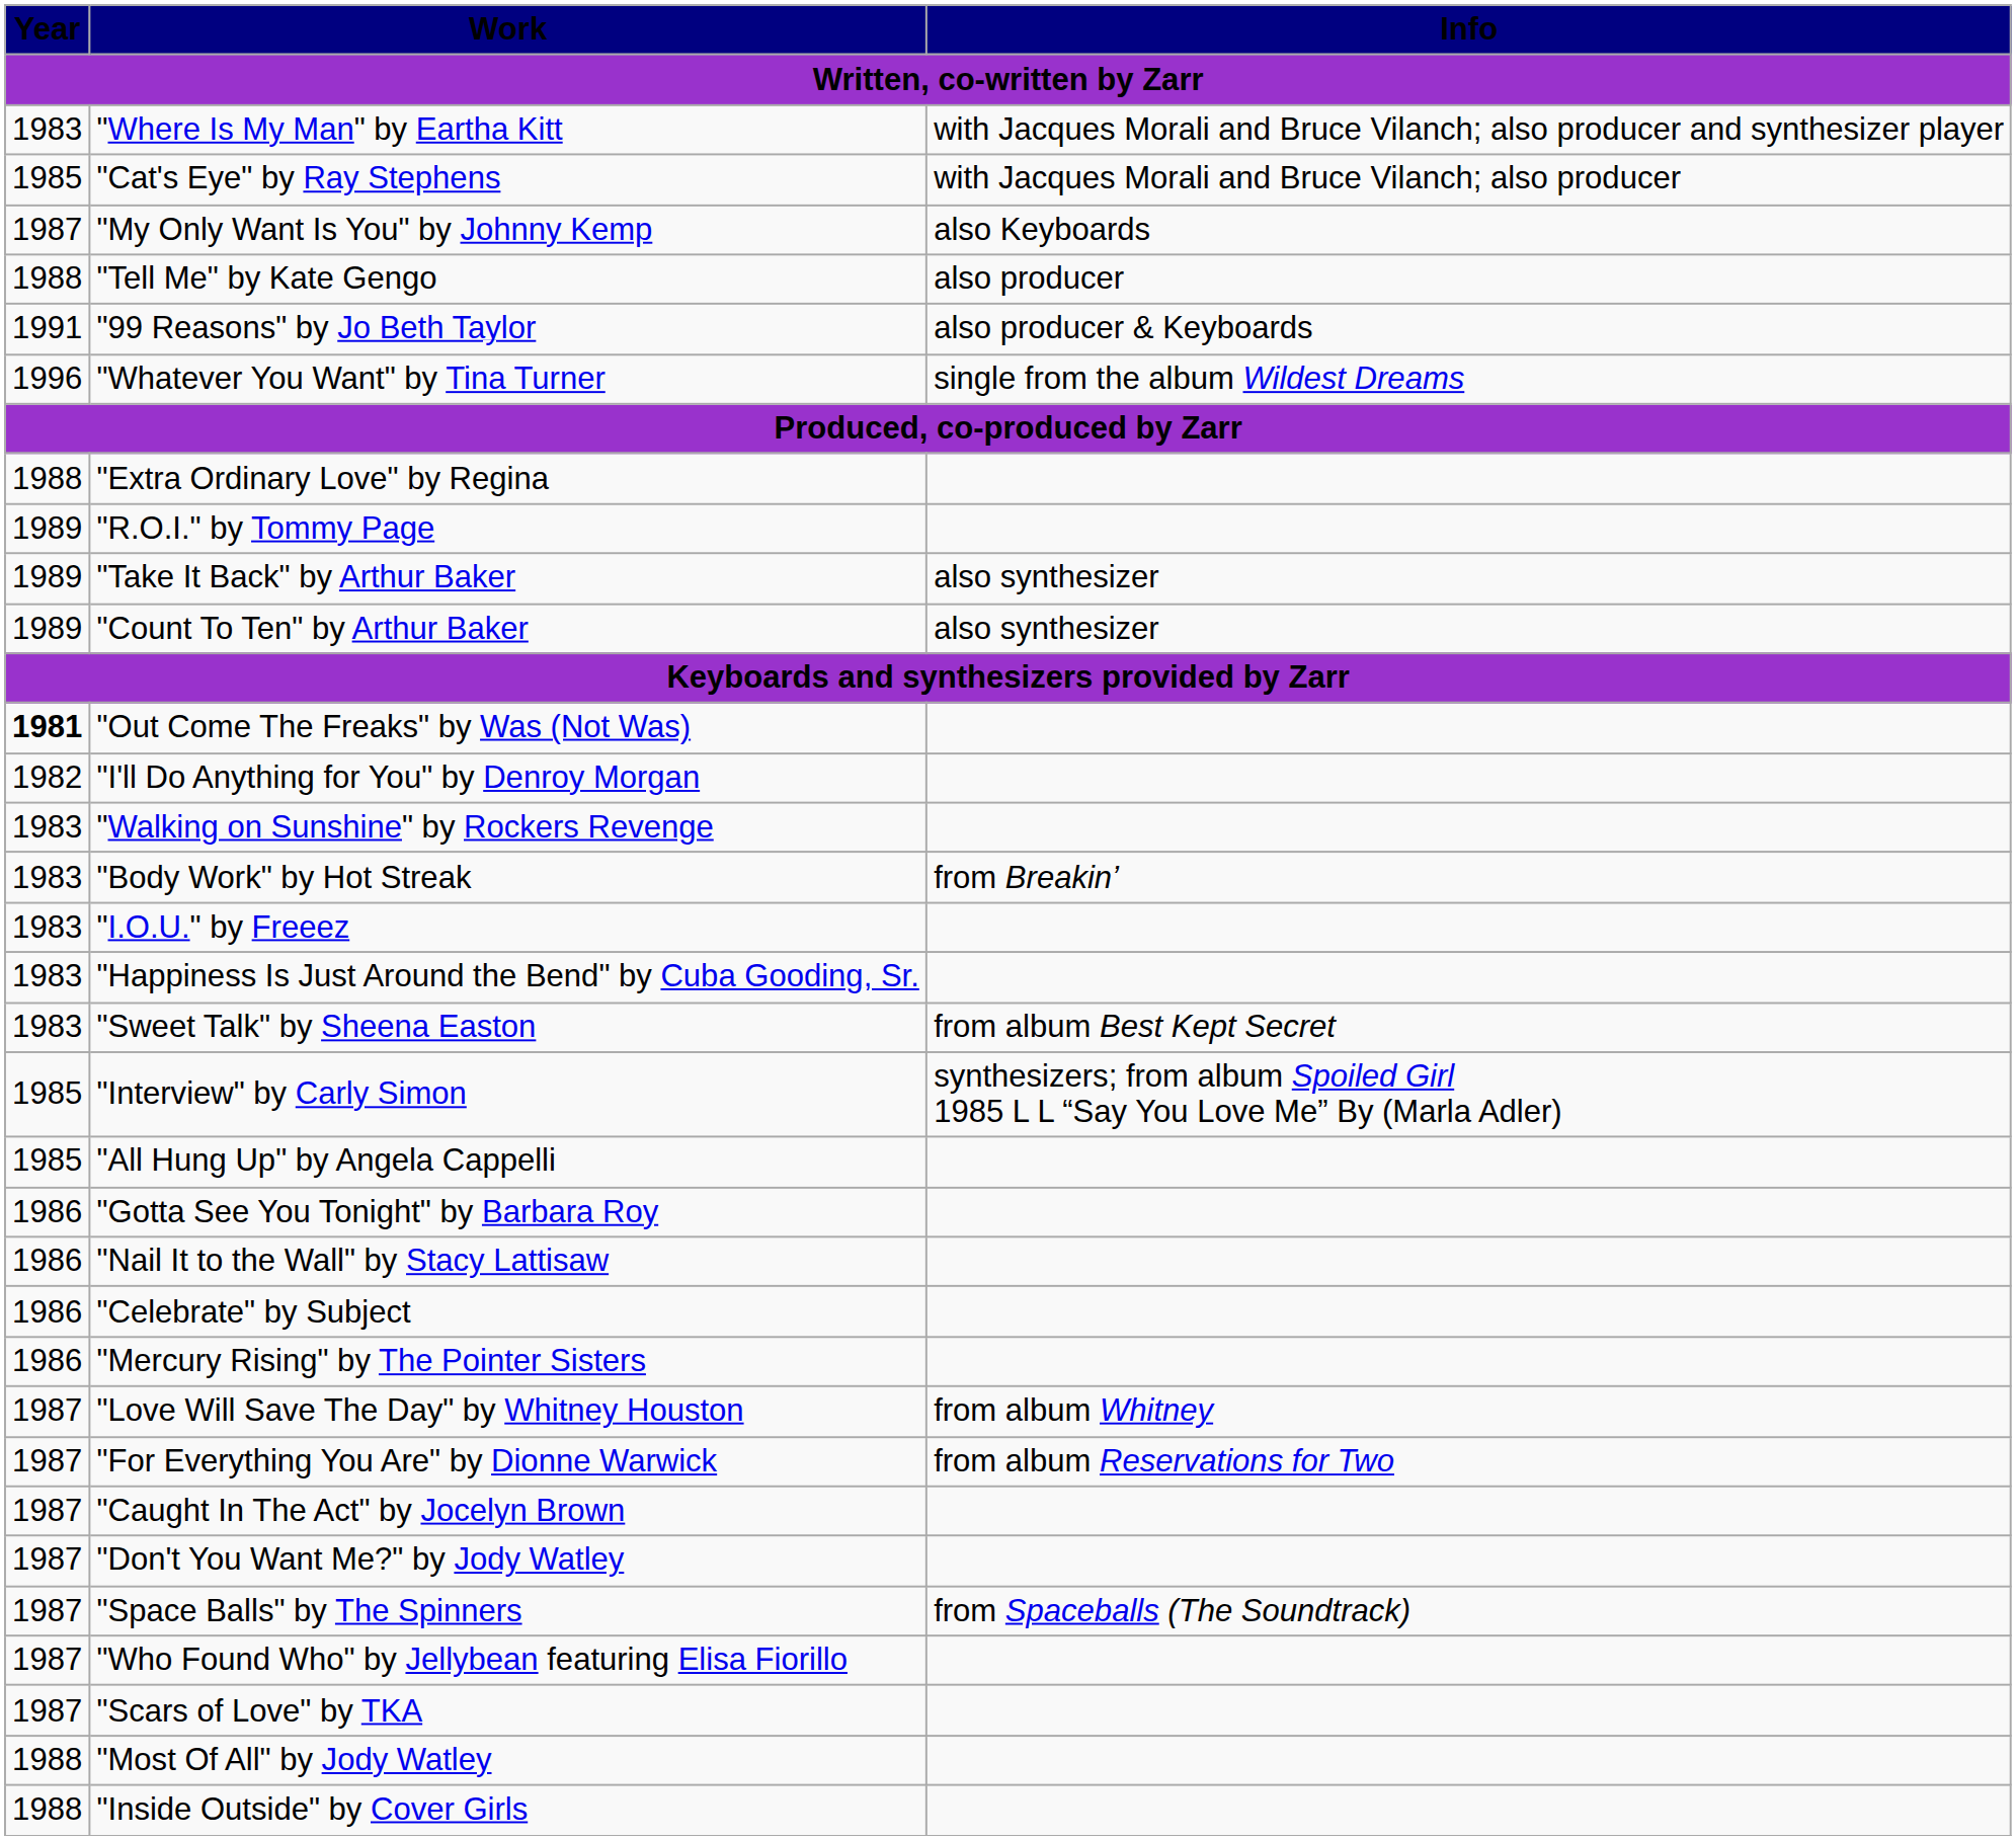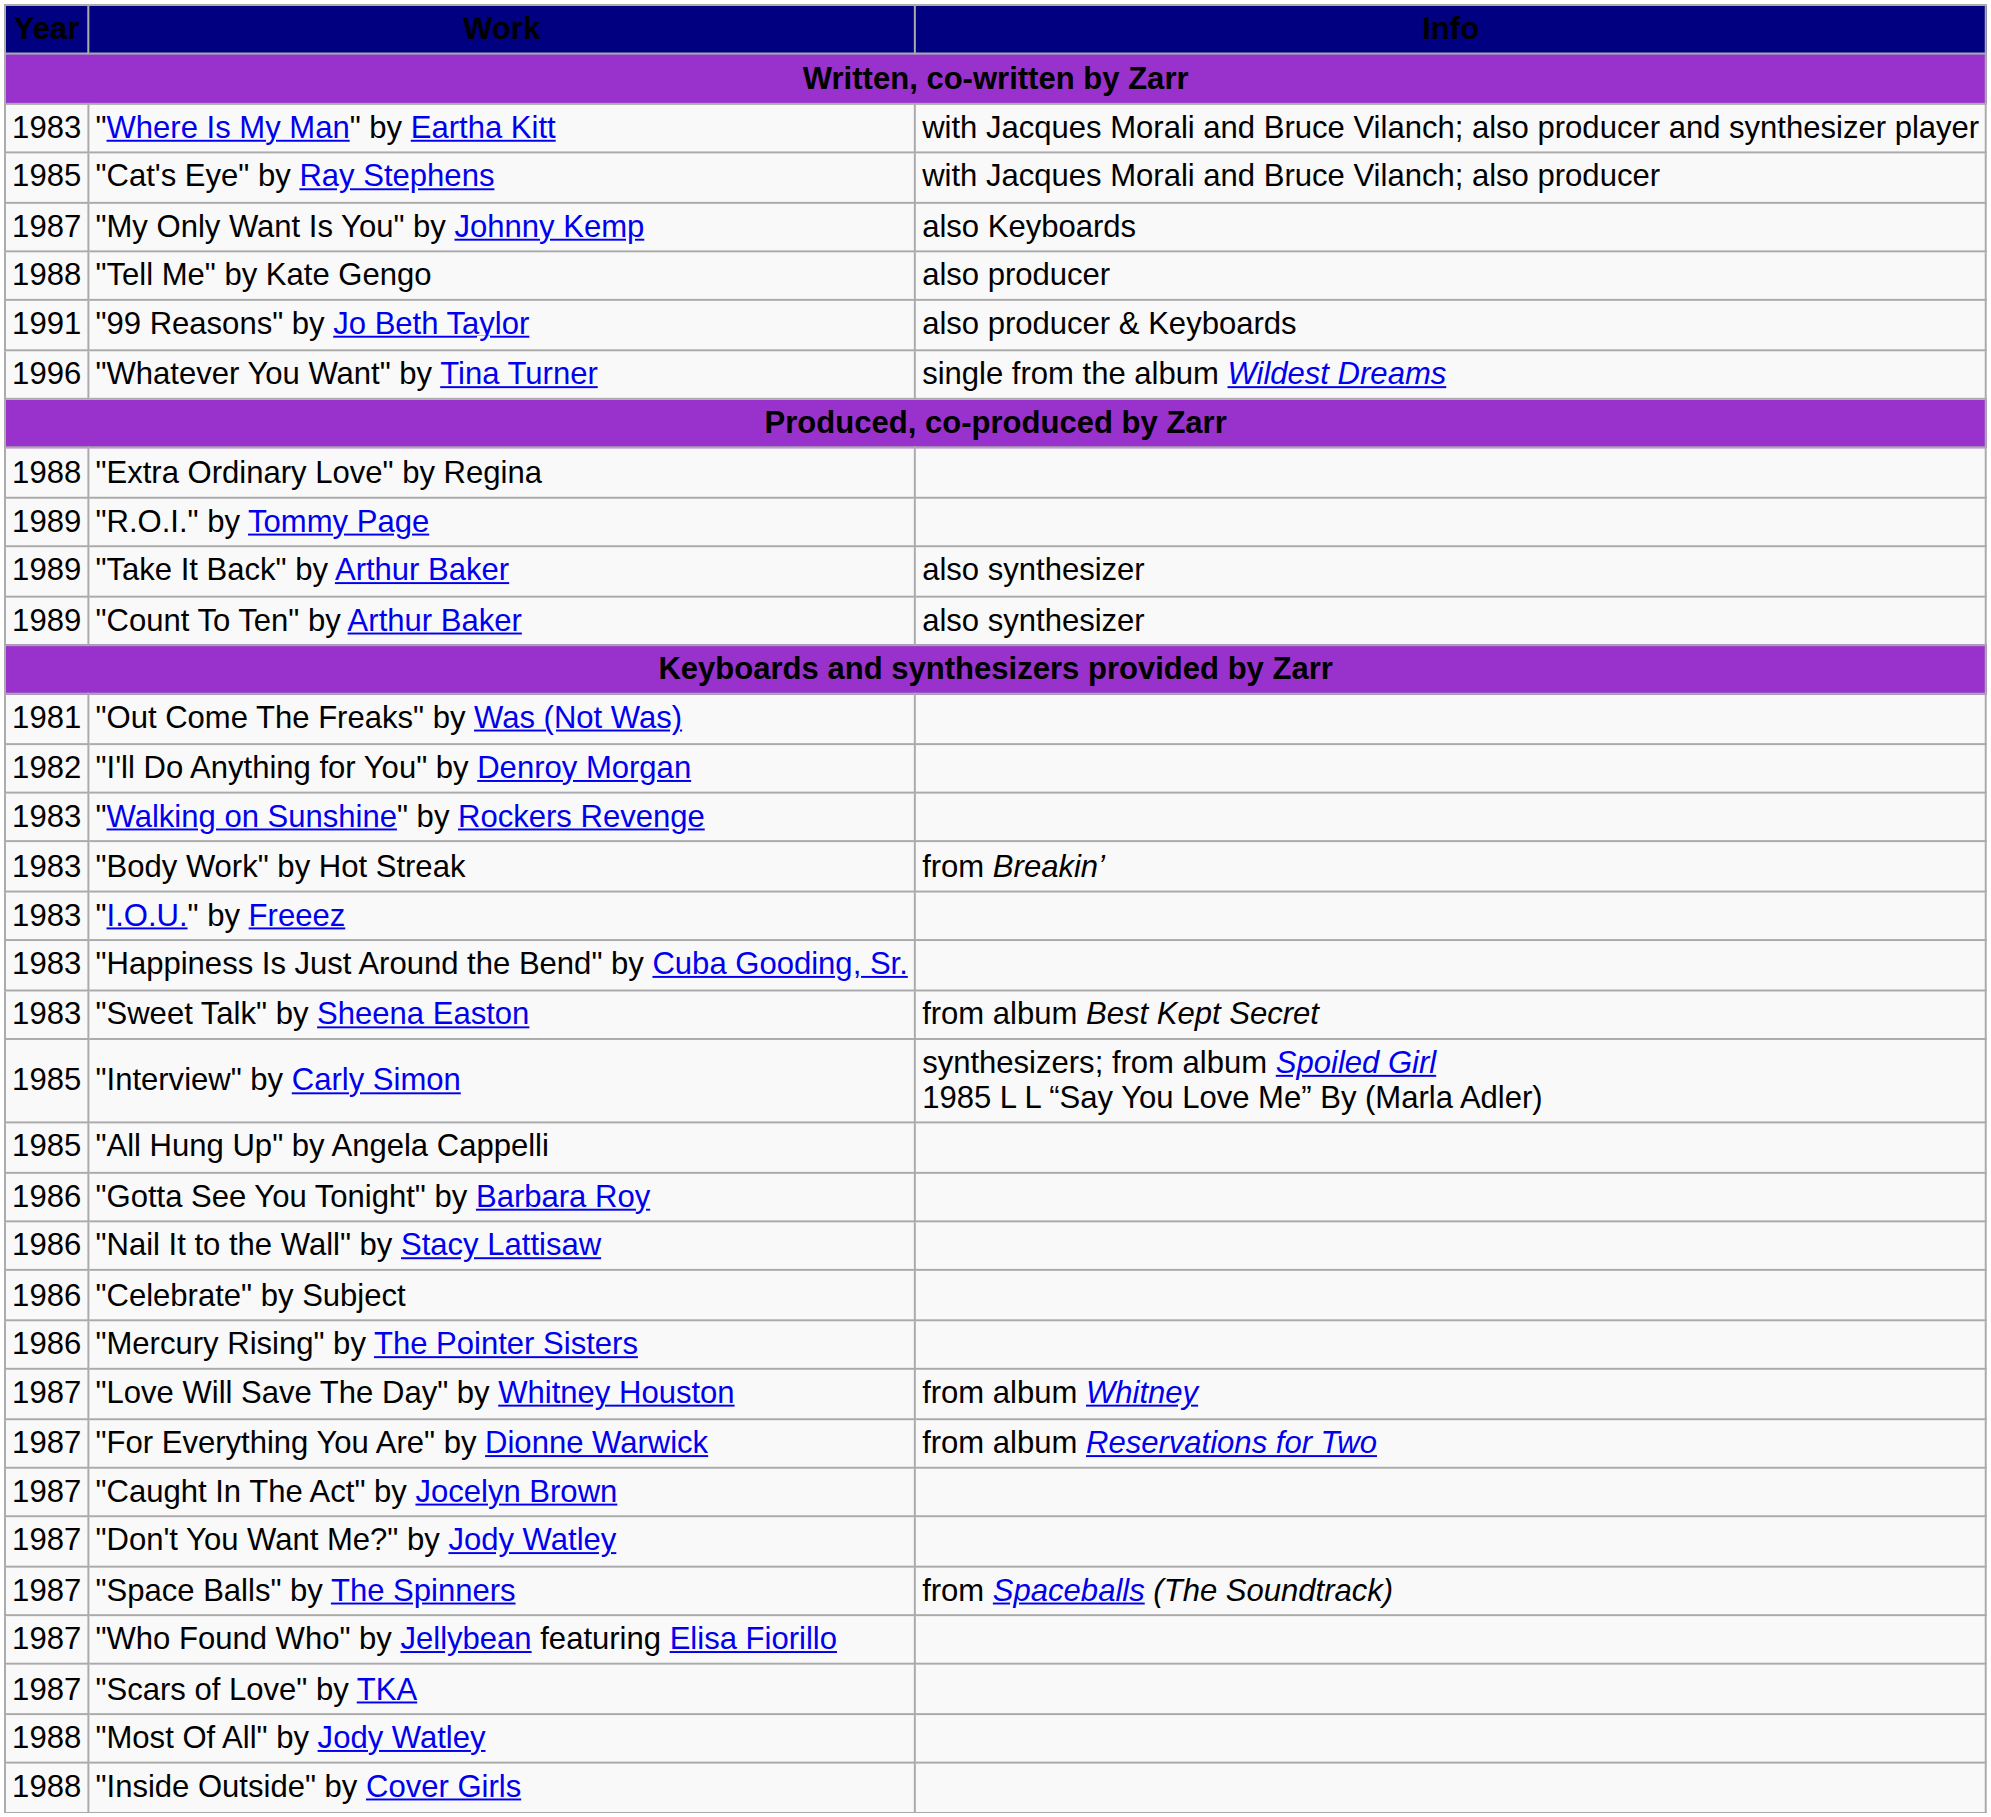 <table class="wikitable" style=>
 <tr style="text-align:center;">
 <th style="background:navy;"><span>Year</span></th>
 <th style="background:navy;"><span>Work</span></th>
 <th style="background:navy;"><span>Info</span></th>
 </tr>
 <tr>
 <td bgcolor=darkorchid colspan=4 align=center><span><strong> Written, co-written by Zarr</strong></span></td>
 </tr>
 <tr>
 <td>1983</td>
 <td>"<a href='#'>Where Is My Man</a>" by <a href='#'>Eartha Kitt</a></td>
 <td>with Jacques Morali and Bruce Vilanch; also producer and synthesizer player</td>
 </tr>
 <tr>
 <td>1985</td>
 <td>"Cat's Eye"  by <a href='#'>Ray Stephens</a></td>
 <td>with Jacques Morali and Bruce Vilanch; also producer</td>
 </tr>
 <tr>
 <td>1987</td>
 <td>"My Only Want Is You"  by <a href='#'>Johnny Kemp</a></td>
 <td>also Keyboards</td>
 </tr>
 <tr>
 <td>1988</td>
 <td>"Tell Me"  by Kate Gengo</td>
 <td>also producer</td>
 </tr>
 <tr>
 <td>1991</td>
 <td>"99 Reasons" by <a href='#'>Jo Beth Taylor</a></td>
 <td>also producer & Keyboards</td>
 </tr>
 <tr>
 <td>1996</td>
 <td>"Whatever You Want" by <a href='#'>Tina Turner</a></td>
 <td>single from the album <em><a href='#'>Wildest Dreams</a></em></td>
 </tr>
 <tr>
 <td bgcolor=darkorchid colspan=4 align=center><span><strong>Produced, co-produced by Zarr</strong></span></td>
 </tr>
 <tr>
 <td>1988</td>
 <td>"Extra Ordinary Love" by Regina</td>
 <td></td>
 </tr>
 <tr>
 <td>1989</td>
 <td>"R.O.I." by <a href='#'>Tommy Page</a></td>
 <td></td>
 </tr>
 <tr>
 <td>1989</td>
 <td>"Take It Back" by <a href='#'>Arthur Baker</a></td>
 <td>also synthesizer</td>
 </tr>
 <tr>
 <td>1989</td>
 <td>"Count To Ten" by <a href='#'>Arthur Baker</a></td>
 <td>also synthesizer</td>
 </tr>
 <tr>
 <td bgcolor=darkorchid colspan=4 align=center><span><strong>Keyboards and synthesizers provided by Zarr</strong></span></td>
 </tr>
 <tr>
-<td><strong>1981</strong></td>
+<td>1981</td>
 <td>"Out Come The Freaks" by <a href='#'>Was (Not Was)</a></td>
 <td></td>
 </tr>
 <tr>
 <td>1982</td>
 <td>"I'll Do Anything for You" by <a href='#'>Denroy Morgan</a></td>
 <td></td>
 </tr>
 <tr>
 <td>1983</td>
 <td>"<a href='#'>Walking on Sunshine</a>" by <a href='#'>Rockers Revenge</a></td>
 <td></td>
 </tr>
 <tr>
 <td>1983</td>
 <td>"Body Work" by Hot Streak</td>
 <td>from <em>Breakin’</em></td>
 </tr>
 <tr>
 <td>1983</td>
 <td>"<a href='#'>I.O.U.</a>" by <a href='#'>Freeez</a></td>
 <td></td>
 </tr>
 <tr>
 <td>1983</td>
 <td>"Happiness Is Just Around the Bend" by <a href='#'>Cuba Gooding, Sr.</a></td>
 <td></td>
 </tr>
 <tr>
 <td>1983</td>
 <td>"Sweet Talk" by <a href='#'>Sheena Easton</a></td>
 <td>from album <em>Best Kept Secret</em></td>
 </tr>
 <tr>
 <td>1985</td>
 <td>"Interview" by <a href='#'>Carly Simon</a></td>
 <td>synthesizers; from album <em><a href='#'>Spoiled Girl</a></em><br>1985 L L “Say You Love Me” By (Marla Adler)</td>
 </tr>
 <tr>
 <td>1985</td>
 <td>"All Hung Up" by Angela Cappelli</td>
 <td></td>
 </tr>
 <tr>
 <td>1986</td>
 <td>"Gotta See You Tonight" by <a href='#'>Barbara Roy</a></td>
 <td></td>
 </tr>
 <tr>
 <td>1986</td>
 <td>"Nail It to the Wall" by <a href='#'>Stacy Lattisaw</a></td>
 <td></td>
 </tr>
 <tr>
 <td>1986</td>
 <td>"Celebrate" by Subject</td>
 <td></td>
 </tr>
 <tr>
 <td>1986</td>
 <td>"Mercury Rising" by <a href='#'>The Pointer Sisters</a></td>
 <td></td>
 </tr>
 <tr>
 <td>1987</td>
 <td>"Love Will Save The Day" by <a href='#'>Whitney Houston</a></td>
 <td>from album <em><a href='#'>Whitney</a></em></td>
 </tr>
 <tr>
 <td>1987</td>
 <td>"For Everything You Are" by <a href='#'>Dionne Warwick</a></td>
 <td>from album <em><a href='#'>Reservations for Two</a></em></td>
 </tr>
 <tr>
 <td>1987</td>
 <td>"Caught In The Act" by <a href='#'>Jocelyn Brown</a></td>
 <td></td>
 </tr>
 <tr>
 <td>1987</td>
 <td>"Don't You Want Me?" by <a href='#'>Jody Watley</a></td>
 <td></td>
 </tr>
 <tr>
 <td>1987</td>
 <td>"Space Balls" by <a href='#'>The Spinners</a></td>
 <td>from <em><a href='#'>Spaceballs</a> (The Soundtrack)</em></td>
 </tr>
 <tr>
 <td>1987</td>
 <td>"Who Found Who" by <a href='#'>Jellybean</a> featuring <a href='#'>Elisa Fiorillo</a></td>
 <td></td>
 </tr>
 <tr>
 <td>1987</td>
 <td>"Scars of Love" by <a href='#'>TKA</a></td>
 <td></td>
 </tr>
 <tr>
 <td>1988</td>
 <td>"Most Of All" by <a href='#'>Jody Watley</a></td>
 <td></td>
 </tr>
 <tr>
 <td>1988</td>
 <td>"Inside Outside" by <a href='#'>Cover Girls</a></td>
 <td></td>
 </tr>
 <tr>
 </tr>
 </table>
